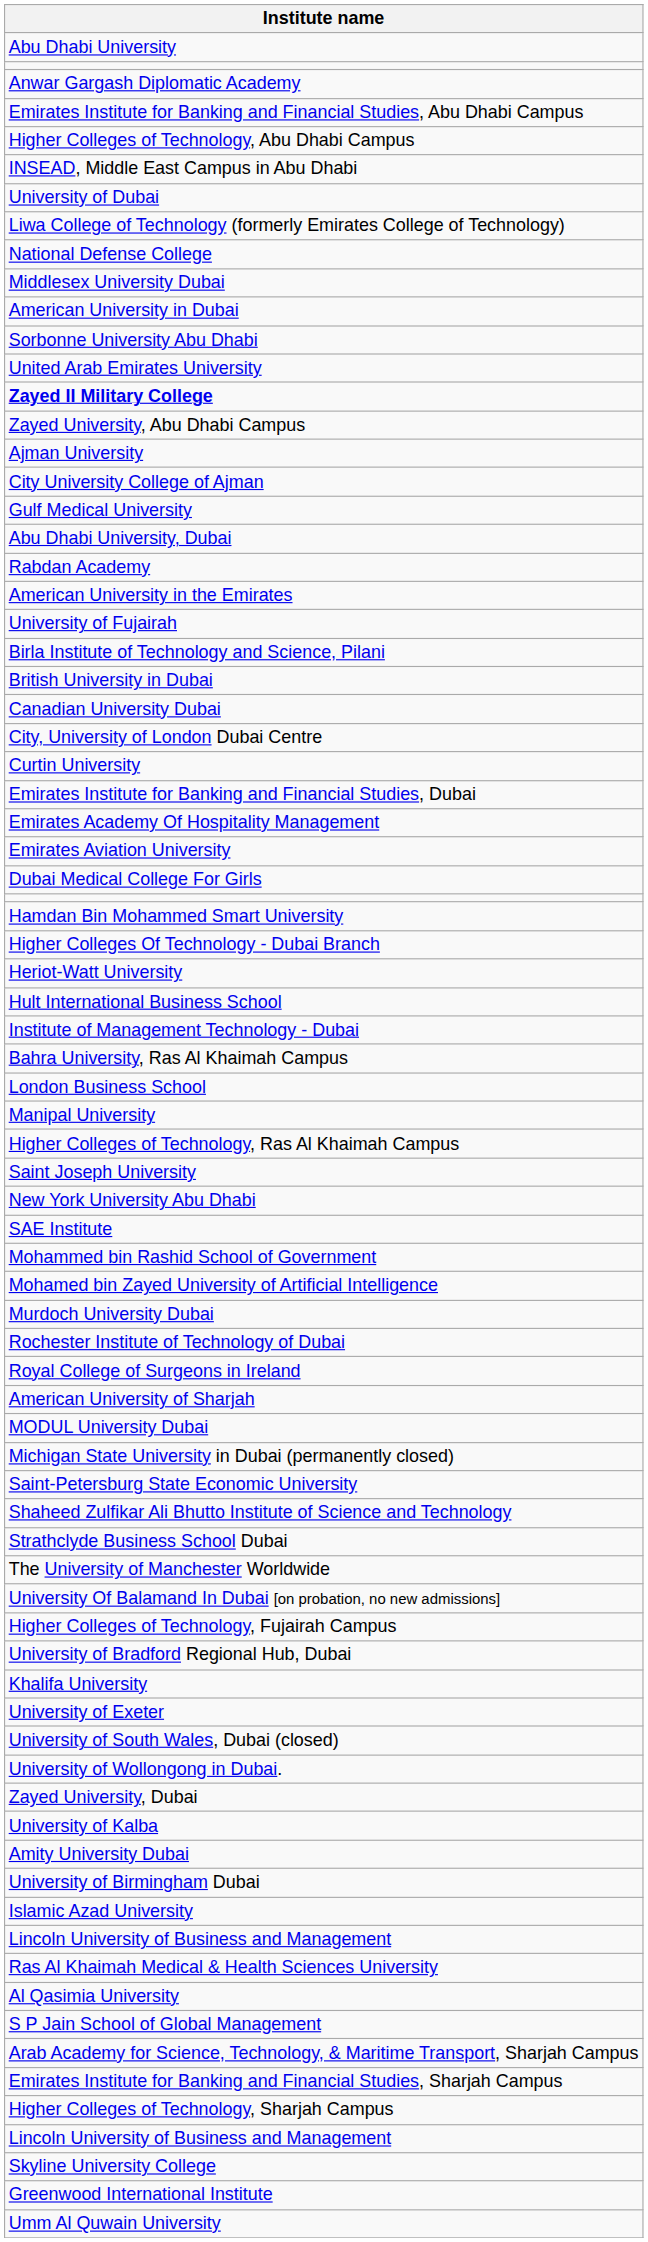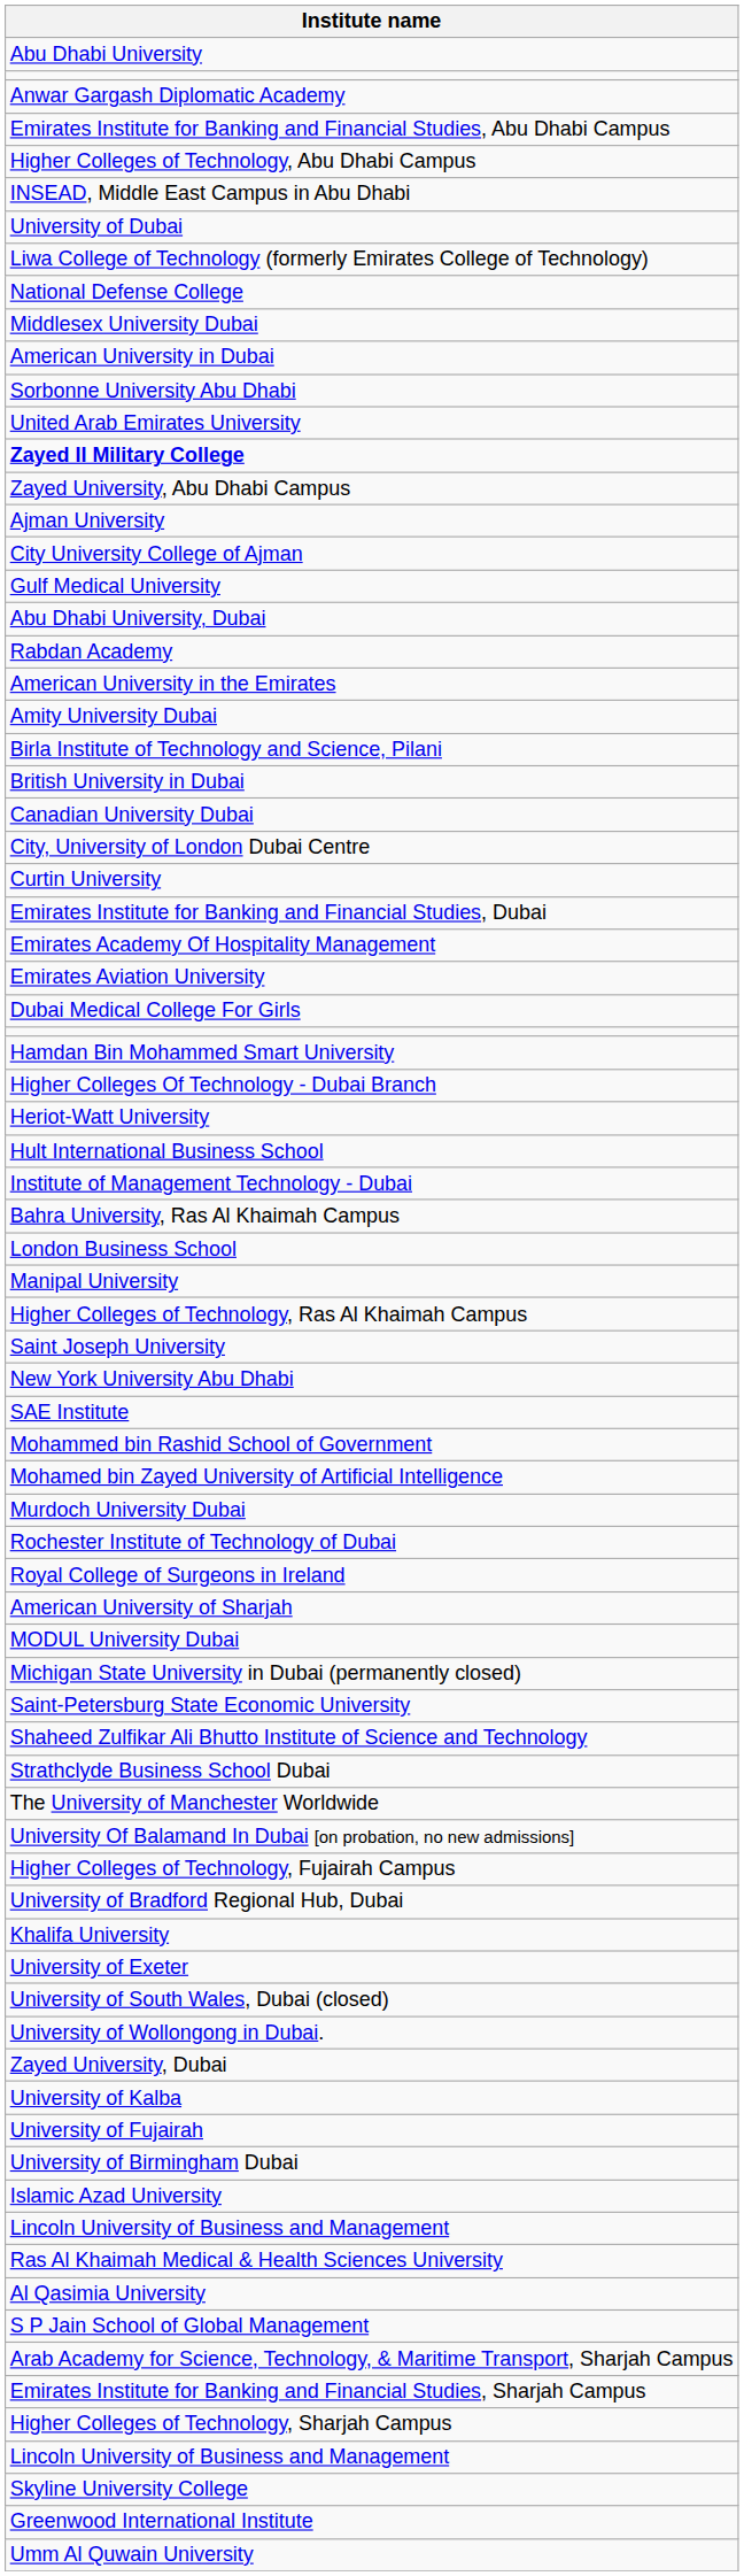 <table class="wikitable sortable sticky-header">
 <tr>
 <th>Institute name</th>
 </tr>
 <tr>
 <td><a href='#'>Abu Dhabi University</a></td>
 </tr>
 <tr>
 <td></td>
 </tr>
 <tr>
 <td><a href='#'>Anwar Gargash Diplomatic Academy</a></td>
 </tr>
 <tr>
 <td><a href='#'>Emirates Institute for Banking and Financial Studies</a>, Abu Dhabi Campus</td>
 </tr>
 <tr>
 <td><a href='#'>Higher Colleges of Technology</a>, Abu Dhabi Campus</td>
 </tr>
 <tr>
 <td><a href='#'>INSEAD</a>, Middle East Campus in Abu Dhabi</td>
 </tr>
 <tr>
 <td><a href='#'>University of Dubai</a></td>
 </tr>
 <tr>
 <td><a href='#'>Liwa College of Technology</a> (formerly Emirates College of Technology)</td>
 </tr>
 <tr>
 <td><a href='#'>National Defense College</a></td>
 </tr>
 <tr>
 <td><a href='#'>Middlesex University Dubai</a></td>
 </tr>
 <tr>
 <td><a href='#'>American University in Dubai</a></td>
 </tr>
 <tr>
 <td><a href='#'>Sorbonne University Abu Dhabi</a></td>
 </tr>
 <tr>
 <td><a href='#'>United Arab Emirates University</a></td>
 </tr>
 <tr>
 <td><strong><a href='#'>Zayed II Military College</a></strong></td>
 </tr>
 <tr>
 <td><a href='#'>Zayed University</a>, Abu Dhabi Campus</td>
 </tr>
 <tr>
 <td><a href='#'>Ajman University</a></td>
 </tr>
 <tr>
 <td><a href='#'>City University College of Ajman</a></td>
 </tr>
 <tr>
 <td><a href='#'>Gulf Medical University</a></td>
 </tr>
 <tr>
 <td><a href='#'>Abu Dhabi University, Dubai</a></td>
 </tr>
 <tr>
 <td><a href='#'>Rabdan Academy</a></td>
 </tr>
 <tr>
 <td><a href='#'>American University in the Emirates</a></td>
 </tr>
 <tr>
-<td><a href='#'>University of Fujairah</a></td>
+<td><a href='#'>Amity University Dubai</a></td>
 </tr>
 <tr>
 <td><a href='#'>Birla Institute of Technology and Science, Pilani</a></td>
 </tr>
 <tr>
 <td><a href='#'>British University in Dubai</a></td>
 </tr>
 <tr>
 <td><a href='#'>Canadian University Dubai</a></td>
 </tr>
 <tr>
 <td><a href='#'>City, University of London</a> Dubai Centre</td>
 </tr>
 <tr>
 <td><a href='#'>Curtin University</a></td>
 </tr>
 <tr>
 <td><a href='#'>Emirates Institute for Banking and Financial Studies</a>, Dubai</td>
 </tr>
 <tr>
 <td><a href='#'>Emirates Academy Of Hospitality Management</a></td>
 </tr>
 <tr>
 <td><a href='#'>Emirates Aviation University</a></td>
 </tr>
 <tr>
 <td><a href='#'>Dubai Medical College For Girls</a></td>
 </tr>
 <tr>
 <td></td>
 </tr>
 <tr>
 <td><a href='#'>Hamdan Bin Mohammed Smart University</a></td>
 </tr>
 <tr>
 <td><a href='#'>Higher Colleges Of Technology - Dubai Branch</a></td>
 </tr>
 <tr>
 <td><a href='#'>Heriot-Watt University</a></td>
 </tr>
 <tr>
 <td><a href='#'>Hult International Business School</a></td>
 </tr>
 <tr>
 <td><a href='#'>Institute of Management Technology - Dubai</a></td>
 </tr>
 <tr>
 <td><a href='#'>Bahra University</a>, Ras Al Khaimah Campus</td>
 </tr>
 <tr>
 <td><a href='#'>London Business School</a></td>
 </tr>
 <tr>
 <td><a href='#'>Manipal University</a></td>
 </tr>
 <tr>
 <td><a href='#'>Higher Colleges of Technology</a>, Ras Al Khaimah Campus</td>
 </tr>
 <tr>
 <td><a href='#'>Saint Joseph University</a></td>
 </tr>
 <tr>
 <td><a href='#'>New York University Abu Dhabi</a></td>
 </tr>
 <tr>
 <td><a href='#'>SAE Institute</a></td>
 </tr>
 <tr>
 <td><a href='#'>Mohammed bin Rashid School of Government</a></td>
 </tr>
 <tr>
 <td><a href='#'>Mohamed bin Zayed University of Artificial Intelligence</a></td>
 </tr>
 <tr>
 <td><a href='#'>Murdoch University Dubai</a></td>
 </tr>
 <tr>
 <td><a href='#'>Rochester Institute of Technology of Dubai</a></td>
 </tr>
 <tr>
 <td><a href='#'>Royal College of Surgeons in Ireland</a></td>
 </tr>
 <tr>
 <td><a href='#'>American University of Sharjah</a></td>
 </tr>
 <tr>
 <td><a href='#'>MODUL University Dubai</a></td>
 </tr>
 <tr>
 <td><a href='#'>Michigan State University</a> in Dubai (permanently closed)</td>
 </tr>
 <tr>
 <td><a href='#'>Saint-Petersburg State Economic University</a></td>
 </tr>
 <tr>
 <td><a href='#'>Shaheed Zulfikar Ali Bhutto Institute of Science and Technology</a></td>
 </tr>
 <tr>
 <td><a href='#'>Strathclyde Business School</a> Dubai</td>
 </tr>
 <tr>
 <td>The <a href='#'>University of Manchester</a> Worldwide</td>
 </tr>
 <tr>
 <td><a href='#'>University Of Balamand In Dubai</a> <small>[on probation, no new admissions]</small></td>
 </tr>
 <tr>
 <td><a href='#'>Higher Colleges of Technology</a>, Fujairah Campus</td>
 </tr>
 <tr>
 <td><a href='#'>University of Bradford</a> Regional Hub, Dubai</td>
 </tr>
 <tr>
 <td><a href='#'>Khalifa University</a></td>
 </tr>
 <tr>
 <td><a href='#'>University of Exeter</a></td>
 </tr>
 <tr>
 <td><a href='#'>University of South Wales</a>, Dubai (closed)</td>
 </tr>
 <tr>
 <td><a href='#'>University of Wollongong in Dubai</a>.</td>
 </tr>
 <tr>
 <td><a href='#'>Zayed University</a>, Dubai</td>
 </tr>
 <tr>
 <td><a href='#'>University of Kalba</a></td>
 </tr>
 <tr>
-<td><a href='#'>Amity University Dubai</a></td>
+<td><a href='#'>University of Fujairah</a></td>
 </tr>
 <tr>
 <td><a href='#'>University of Birmingham</a> Dubai</td>
 </tr>
 <tr>
 <td><a href='#'>Islamic Azad University</a></td>
 </tr>
 <tr>
 <td><a href='#'>Lincoln University of Business and Management</a></td>
 </tr>
 <tr>
 <td><a href='#'>Ras Al Khaimah Medical & Health Sciences University</a></td>
 </tr>
 <tr>
 <td><a href='#'>Al Qasimia University</a></td>
 </tr>
 <tr>
 <td><a href='#'>S P Jain School of Global Management</a></td>
 </tr>
 <tr>
 <td><a href='#'>Arab Academy for Science, Technology, & Maritime Transport</a>, Sharjah Campus</td>
 </tr>
 <tr>
 <td><a href='#'>Emirates Institute for Banking and Financial Studies</a>, Sharjah Campus</td>
 </tr>
 <tr>
 <td><a href='#'>Higher Colleges of Technology</a>, Sharjah Campus</td>
 </tr>
 <tr>
 <td><a href='#'>Lincoln University of Business and Management</a></td>
 </tr>
 <tr>
 <td><a href='#'>Skyline University College</a></td>
 </tr>
 <tr>
 <td><a href='#'>Greenwood International Institute</a></td>
 </tr>
 <tr>
 <td><a href='#'>Umm Al Quwain University</a></td>
 </tr>
 </table>
